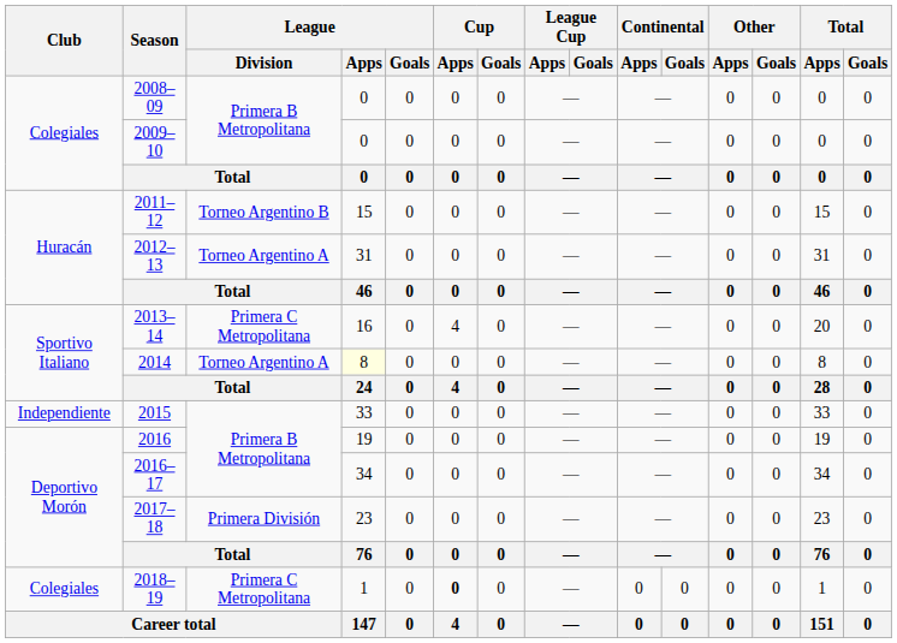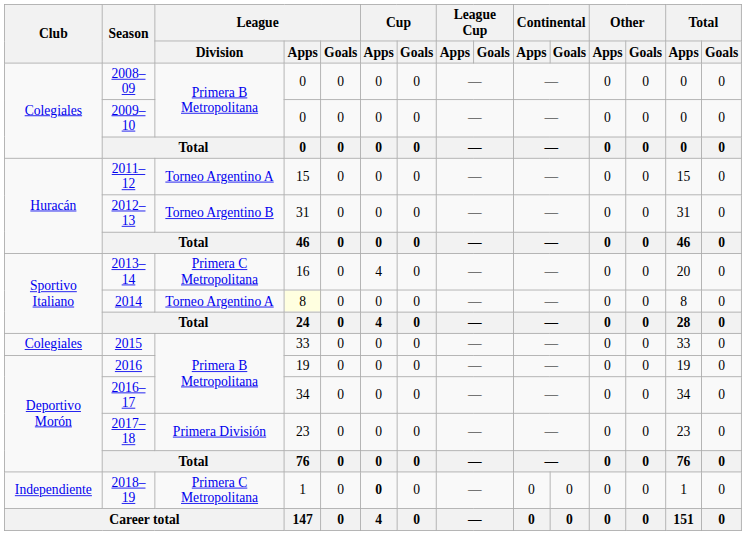 <table class="wikitable" style="text-align:center">
 <tr>
 <th rowspan="2">Club</th>
 <th rowspan="2">Season</th>
 <th colspan="3">League</th>
 <th colspan="2">Cup</th>
 <th colspan="2">League Cup</th>
 <th colspan="2">Continental</th>
 <th colspan="2">Other</th>
 <th colspan="2">Total</th>
 </tr>
 <tr>
 <th>Division</th>
 <th>Apps</th>
 <th>Goals</th>
 <th>Apps</th>
 <th>Goals</th>
 <th>Apps</th>
 <th>Goals</th>
 <th>Apps</th>
 <th>Goals</th>
 <th>Apps</th>
 <th>Goals</th>
 <th>Apps</th>
 <th>Goals</th>
 </tr>
 <tr>
 <td rowspan="3"><a href='#'>Colegiales</a></td>
 <td><a href='#'>2008–09</a></td>
 <td rowspan="2"><a href='#'>Primera B Metropolitana</a></td>
 <td>0</td>
 <td>0</td>
 <td>0</td>
 <td>0</td>
 <td colspan="2">—</td>
 <td colspan="2">—</td>
 <td>0</td>
 <td>0</td>
 <td>0</td>
 <td>0</td>
 </tr>
 <tr>
 <td><a href='#'>2009–10</a></td>
 <td>0</td>
 <td>0</td>
 <td>0</td>
 <td>0</td>
 <td colspan="2">—</td>
 <td colspan="2">—</td>
 <td>0</td>
 <td>0</td>
 <td>0</td>
 <td>0</td>
 </tr>
 <tr>
 <th colspan="2">Total</th>
 <th>0</th>
 <th>0</th>
 <th>0</th>
 <th>0</th>
 <th colspan="2">—</th>
 <th colspan="2">—</th>
 <th>0</th>
 <th>0</th>
 <th>0</th>
 <th>0</th>
 </tr>
 <tr>
 <td rowspan="3"><a href='#'>Huracán</a></td>
 <td><a href='#'>2011–12</a></td>
-<td rowspan="1"><a href='#'>Torneo Argentino B</a></td>
+<td rowspan="1"><a href='#'>Torneo Argentino A</a></td>
 <td>15</td>
 <td>0</td>
 <td>0</td>
 <td>0</td>
 <td colspan="2">—</td>
 <td colspan="2">—</td>
 <td>0</td>
 <td>0</td>
 <td>15</td>
 <td>0</td>
 </tr>
 <tr>
 <td><a href='#'>2012–13</a></td>
-<td rowspan="1"><a href='#'>Torneo Argentino A</a></td>
+<td rowspan="1"><a href='#'>Torneo Argentino B</a></td>
 <td>31</td>
 <td>0</td>
 <td>0</td>
 <td>0</td>
 <td colspan="2">—</td>
 <td colspan="2">—</td>
 <td>0</td>
 <td>0</td>
 <td>31</td>
 <td>0</td>
 </tr>
 <tr>
 <th colspan="2">Total</th>
 <th>46</th>
 <th>0</th>
 <th>0</th>
 <th>0</th>
 <th colspan="2">—</th>
 <th colspan="2">—</th>
 <th>0</th>
 <th>0</th>
 <th>46</th>
 <th>0</th>
 </tr>
 <tr>
 <td rowspan="3"><a href='#'>Sportivo Italiano</a></td>
 <td><a href='#'>2013–14</a></td>
 <td rowspan="1"><a href='#'>Primera C Metropolitana</a></td>
 <td>16</td>
 <td>0</td>
 <td>4</td>
 <td>0</td>
 <td colspan="2">—</td>
 <td colspan="2">—</td>
 <td>0</td>
 <td>0</td>
 <td>20</td>
 <td>0</td>
 </tr>
 <tr>
 <td><a href='#'>2014</a></td>
 <td rowspan="1"><a href='#'>Torneo Argentino A</a></td>
 <td style="background: lightyellow;">8</td>
 <td>0</td>
 <td>0</td>
 <td>0</td>
 <td colspan="2">—</td>
 <td colspan="2">—</td>
 <td>0</td>
 <td>0</td>
 <td>8</td>
 <td>0</td>
 </tr>
 <tr>
 <th colspan="2">Total</th>
 <th>24</th>
 <th>0</th>
 <th>4</th>
 <th>0</th>
 <th colspan="2">—</th>
 <th colspan="2">—</th>
 <th>0</th>
 <th>0</th>
 <th>28</th>
 <th>0</th>
 </tr>
 <tr>
-<td rowspan="1"><a href='#'>Independiente</a></td>
+<td rowspan="1"><a href='#'>Colegiales</a></td>
 <td><a href='#'>2015</a></td>
 <td rowspan="3"><a href='#'>Primera B Metropolitana</a></td>
 <td>33</td>
 <td>0</td>
 <td>0</td>
 <td>0</td>
 <td colspan="2">—</td>
 <td colspan="2">—</td>
 <td>0</td>
 <td>0</td>
 <td>33</td>
 <td>0</td>
 </tr>
 <tr>
 <td rowspan="4"><a href='#'>Deportivo Morón</a></td>
 <td><a href='#'>2016</a></td>
 <td>19</td>
 <td>0</td>
 <td>0</td>
 <td>0</td>
 <td colspan="2">—</td>
 <td colspan="2">—</td>
 <td>0</td>
 <td>0</td>
 <td>19</td>
 <td>0</td>
 </tr>
 <tr>
 <td><a href='#'>2016–17</a></td>
 <td>34</td>
 <td>0</td>
 <td>0</td>
 <td>0</td>
 <td colspan="2">—</td>
 <td colspan="2">—</td>
 <td>0</td>
 <td>0</td>
 <td>34</td>
 <td>0</td>
 </tr>
 <tr>
 <td><a href='#'>2017–18</a></td>
 <td rowspan="1"><a href='#'>Primera División</a></td>
 <td>23</td>
 <td>0</td>
 <td>0</td>
 <td>0</td>
 <td colspan="2">—</td>
 <td colspan="2">—</td>
 <td>0</td>
 <td>0</td>
 <td>23</td>
 <td>0</td>
 </tr>
 <tr>
 <th colspan="2">Total</th>
 <th>76</th>
 <th>0</th>
 <th>0</th>
 <th>0</th>
 <th colspan="2">—</th>
 <th colspan="2">—</th>
 <th>0</th>
 <th>0</th>
 <th>76</th>
 <th>0</th>
 </tr>
 <tr>
-<td rowspan="1"><a href='#'>Colegiales</a></td>
+<td rowspan="1"><a href='#'>Independiente</a></td>
 <td><a href='#'>2018–19</a></td>
 <td rowspan="1"><a href='#'>Primera C Metropolitana</a></td>
 <td>1</td>
 <td>0</td>
 <td><strong>0</strong></td>
 <td>0</td>
 <td colspan="2">—</td>
 <td>0</td>
 <td>0</td>
 <td>0</td>
 <td>0</td>
 <td>1</td>
 <td>0</td>
 </tr>
 <tr>
 <th colspan="3">Career total</th>
 <th>147</th>
 <th>0</th>
 <th>4</th>
 <th>0</th>
 <th colspan="2">—</th>
 <th>0</th>
 <th>0</th>
 <th>0</th>
 <th>0</th>
 <th>151</th>
 <th>0</th>
 </tr>
 </table>
